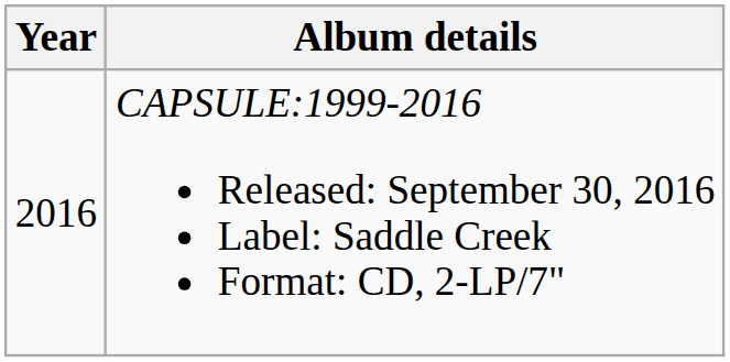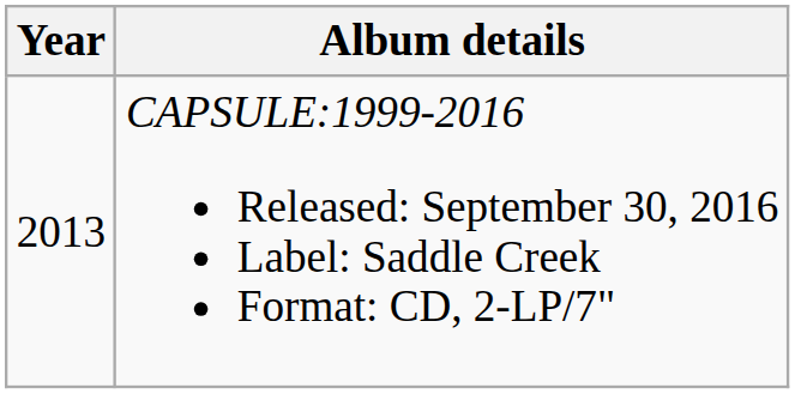 <table class="wikitable">
 <tr>
 <th>Year</th>
 <th>Album details</th>
 </tr>
 <tr>
-<td>2016</td>
+<td>2013</td>
 <td><em>CAPSULE:1999-2016</em><br><ul><li>Released: September 30, 2016</li><li>Label: Saddle Creek </li><li>Format: CD, 2-LP/7"</li></ul></td>
 </tr>
 </table>
